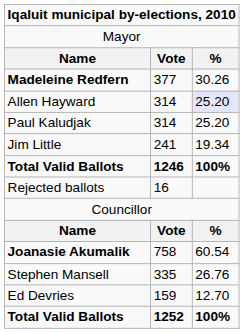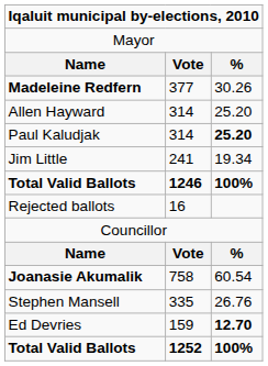 <table class="wikitable">
 <tr>
 <td colspan=3 align=center><strong>Iqaluit municipal by-elections, 2010</strong></td>
 </tr>
 <tr>
 <td colspan="3" align="center">Mayor</td>
 </tr>
 <tr>
 <th><strong>Name </strong></th>
 <th><strong>Vote</strong></th>
 <th><strong>%</strong></th>
 </tr>
 <tr>
 <td><strong>Madeleine Redfern</strong></td>
 <td>377</td>
 <td>30.26</td>
 </tr>
 <tr>
 <td>Allen Hayward</td>
 <td>314</td>
-<td style="background: lavender;">25.20</td>
+<td>25.20</td>
 </tr>
 <tr>
 <td>Paul Kaludjak</td>
 <td>314</td>
-<td>25.20</td>
+<td><strong>25.20</strong></td>
 </tr>
 <tr>
 <td>Jim Little</td>
 <td>241</td>
 <td>19.34</td>
 </tr>
 <tr>
 <td><strong>Total Valid Ballots</strong></td>
 <td><strong>1246</strong></td>
 <td><strong>100%</strong></td>
 </tr>
 <tr>
 <td>Rejected ballots</td>
 <td>16</td>
 </tr>
 <tr>
 <td colspan="3" align="center">Councillor</td>
 </tr>
 <tr>
 <th><strong>Name </strong></th>
 <th><strong>Vote</strong></th>
 <th><strong>%</strong></th>
 </tr>
 <tr>
 <td><strong>Joanasie Akumalik</strong></td>
 <td>758</td>
 <td>60.54</td>
 </tr>
 <tr>
 <td>Stephen Mansell</td>
 <td>335</td>
 <td>26.76</td>
 </tr>
 <tr>
 <td>Ed Devries</td>
 <td>159</td>
-<td>12.70</td>
+<td><strong>12.70</strong></td>
 </tr>
 <tr>
 <td><strong>Total Valid Ballots</strong></td>
 <td><strong>1252</strong></td>
 <td><strong>100%</strong></td>
 </tr>
 </table>
